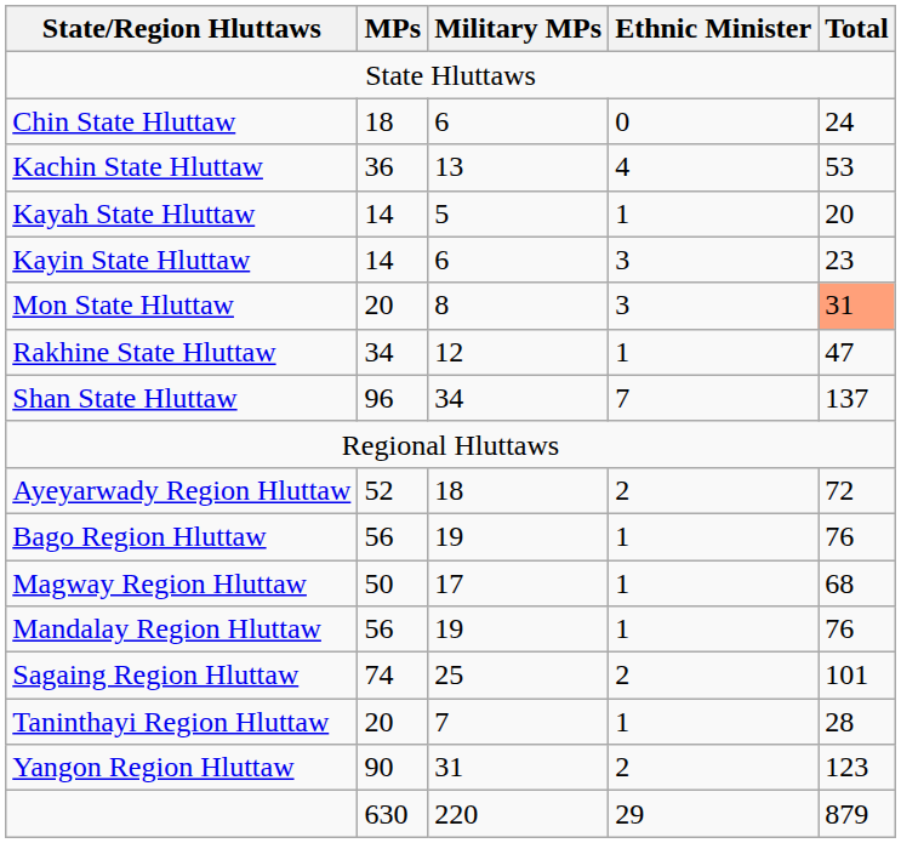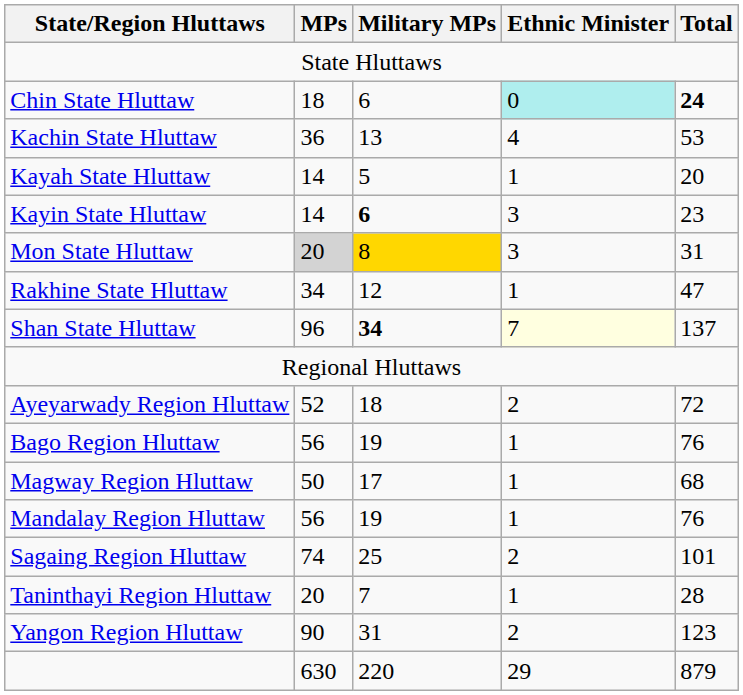 <table class="wikitable sortable">
 <tr>
 <th>State/Region Hluttaws</th>
 <th>MPs</th>
 <th>Military MPs</th>
 <th>Ethnic Minister</th>
 <th>Total</th>
 </tr>
 <tr>
 <td colspan=5 align=center>State Hluttaws</td>
 </tr>
 <tr>
 <td><a href='#'>Chin State Hluttaw</a></td>
 <td>18</td>
 <td>6</td>
-<td>0</td>
-<td>24</td>
+<td style="background: paleturquoise;">0</td>
+<td><strong>24</strong></td>
 </tr>
 <tr>
 <td><a href='#'>Kachin State Hluttaw</a></td>
 <td>36</td>
 <td>13</td>
 <td>4</td>
 <td>53</td>
 </tr>
 <tr>
 <td><a href='#'>Kayah State Hluttaw</a></td>
 <td>14</td>
 <td>5</td>
 <td>1</td>
 <td>20</td>
 </tr>
 <tr>
 <td><a href='#'>Kayin State Hluttaw</a></td>
 <td>14</td>
-<td>6</td>
+<td><strong>6</strong></td>
 <td>3</td>
 <td>23</td>
 </tr>
 <tr>
 <td><a href='#'>Mon State Hluttaw</a></td>
-<td>20</td>
-<td>8</td>
+<td style="background: lightgrey;">20</td>
+<td style="background: gold;">8</td>
 <td>3</td>
-<td style="background: lightsalmon;">31</td>
+<td>31</td>
 </tr>
 <tr>
 <td><a href='#'>Rakhine State Hluttaw</a></td>
 <td>34</td>
 <td>12</td>
 <td>1</td>
 <td>47</td>
 </tr>
 <tr>
 <td><a href='#'>Shan State Hluttaw</a></td>
 <td>96</td>
-<td>34</td>
-<td>7</td>
+<td><strong>34</strong></td>
+<td style="background: lightyellow;">7</td>
 <td>137</td>
 </tr>
 <tr>
 <td colspan=5 align=center>Regional Hluttaws</td>
 </tr>
 <tr>
 <td><a href='#'>Ayeyarwady Region Hluttaw</a></td>
 <td>52</td>
 <td>18</td>
 <td>2</td>
 <td>72</td>
 </tr>
 <tr>
 <td><a href='#'>Bago Region Hluttaw</a></td>
 <td>56</td>
 <td>19</td>
 <td>1</td>
 <td>76</td>
 </tr>
 <tr>
 <td><a href='#'>Magway Region Hluttaw</a></td>
 <td>50</td>
 <td>17</td>
 <td>1</td>
 <td>68</td>
 </tr>
 <tr>
 <td><a href='#'>Mandalay Region Hluttaw</a></td>
 <td>56</td>
 <td>19</td>
 <td>1</td>
 <td>76</td>
 </tr>
 <tr>
 <td><a href='#'>Sagaing Region Hluttaw</a></td>
 <td>74</td>
 <td>25</td>
 <td>2</td>
 <td>101</td>
 </tr>
 <tr>
 <td><a href='#'>Taninthayi Region Hluttaw</a></td>
 <td>20</td>
 <td>7</td>
 <td>1</td>
 <td>28</td>
 </tr>
 <tr>
 <td><a href='#'>Yangon Region Hluttaw</a></td>
 <td>90</td>
 <td>31</td>
 <td>2</td>
 <td>123</td>
 </tr>
 <tr>
 <td align=center></td>
 <td>630</td>
 <td>220</td>
 <td>29</td>
 <td>879</td>
 </tr>
 </table>
